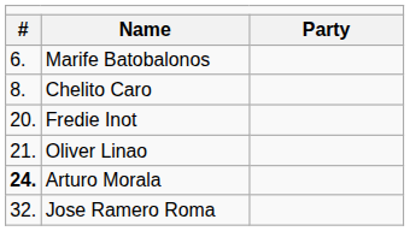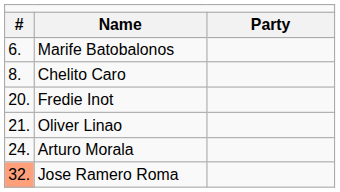 <table class=wikitable style="font-size:90%">
 <tr>
 <td colspan=4 bgcolor=></td>
 </tr>
 <tr>
 <th>#</th>
 <th width=150px>Name</th>
 <th colspan=2 width=110px>Party</th>
 </tr>
 <tr>
 <td>6.</td>
 <td>Marife Batobalonos</td>
 <td></td>
 </tr>
 <tr>
 <td>8.</td>
 <td>Chelito Caro</td>
 <td></td>
 </tr>
 <tr>
 <td>20.</td>
 <td>Fredie Inot</td>
 <td></td>
 </tr>
 <tr>
 <td>21.</td>
 <td>Oliver Linao</td>
 <td></td>
 </tr>
 <tr>
-<td><strong>24.</strong></td>
+<td>24.</td>
 <td>Arturo Morala</td>
 <td></td>
 </tr>
 <tr>
-<td>32.</td>
+<td style="background: lightsalmon;">32.</td>
 <td>Jose Ramero Roma</td>
 <td></td>
 </tr>
 </table>
